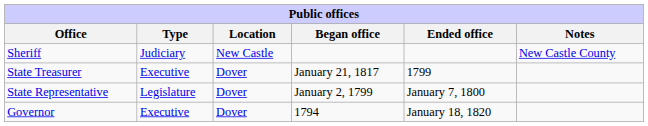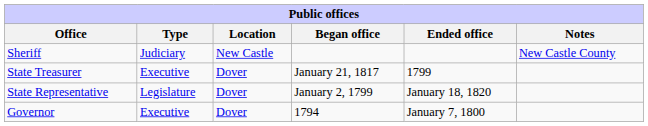 <table class=wikitable style="width: 94%" style="text-align: center;" align="center">
 <tr bgcolor=#cccccc>
 <th colspan=7 style="background: #ccccff;">Public offices</th>
 </tr>
 <tr>
 <th><strong>Office</strong></th>
 <th><strong>Type</strong></th>
 <th><strong>Location</strong></th>
 <th><strong>Began office</strong></th>
 <th><strong>Ended office</strong></th>
 <th><strong>Notes</strong></th>
 </tr>
 <tr>
 <td><a href='#'>Sheriff</a></td>
 <td><a href='#'>Judiciary</a></td>
 <td><a href='#'>New Castle</a></td>
 <td></td>
 <td></td>
 <td><a href='#'>New Castle County</a></td>
 </tr>
 <tr>
 <td><a href='#'>State Treasurer</a></td>
 <td><a href='#'>Executive</a></td>
 <td><a href='#'>Dover</a></td>
 <td>January 21, 1817</td>
 <td>1799</td>
 <td></td>
 </tr>
 <tr>
 <td><a href='#'>State Representative</a></td>
 <td><a href='#'>Legislature</a></td>
 <td><a href='#'>Dover</a></td>
 <td>January 2, 1799</td>
-<td>January 7, 1800</td>
+<td>January 18, 1820</td>
 <td></td>
 </tr>
 <tr>
 <td><a href='#'>Governor</a></td>
 <td><a href='#'>Executive</a></td>
 <td><a href='#'>Dover</a></td>
 <td>1794</td>
-<td>January 18, 1820</td>
+<td>January 7, 1800</td>
 <td></td>
 </tr>
 </table>
